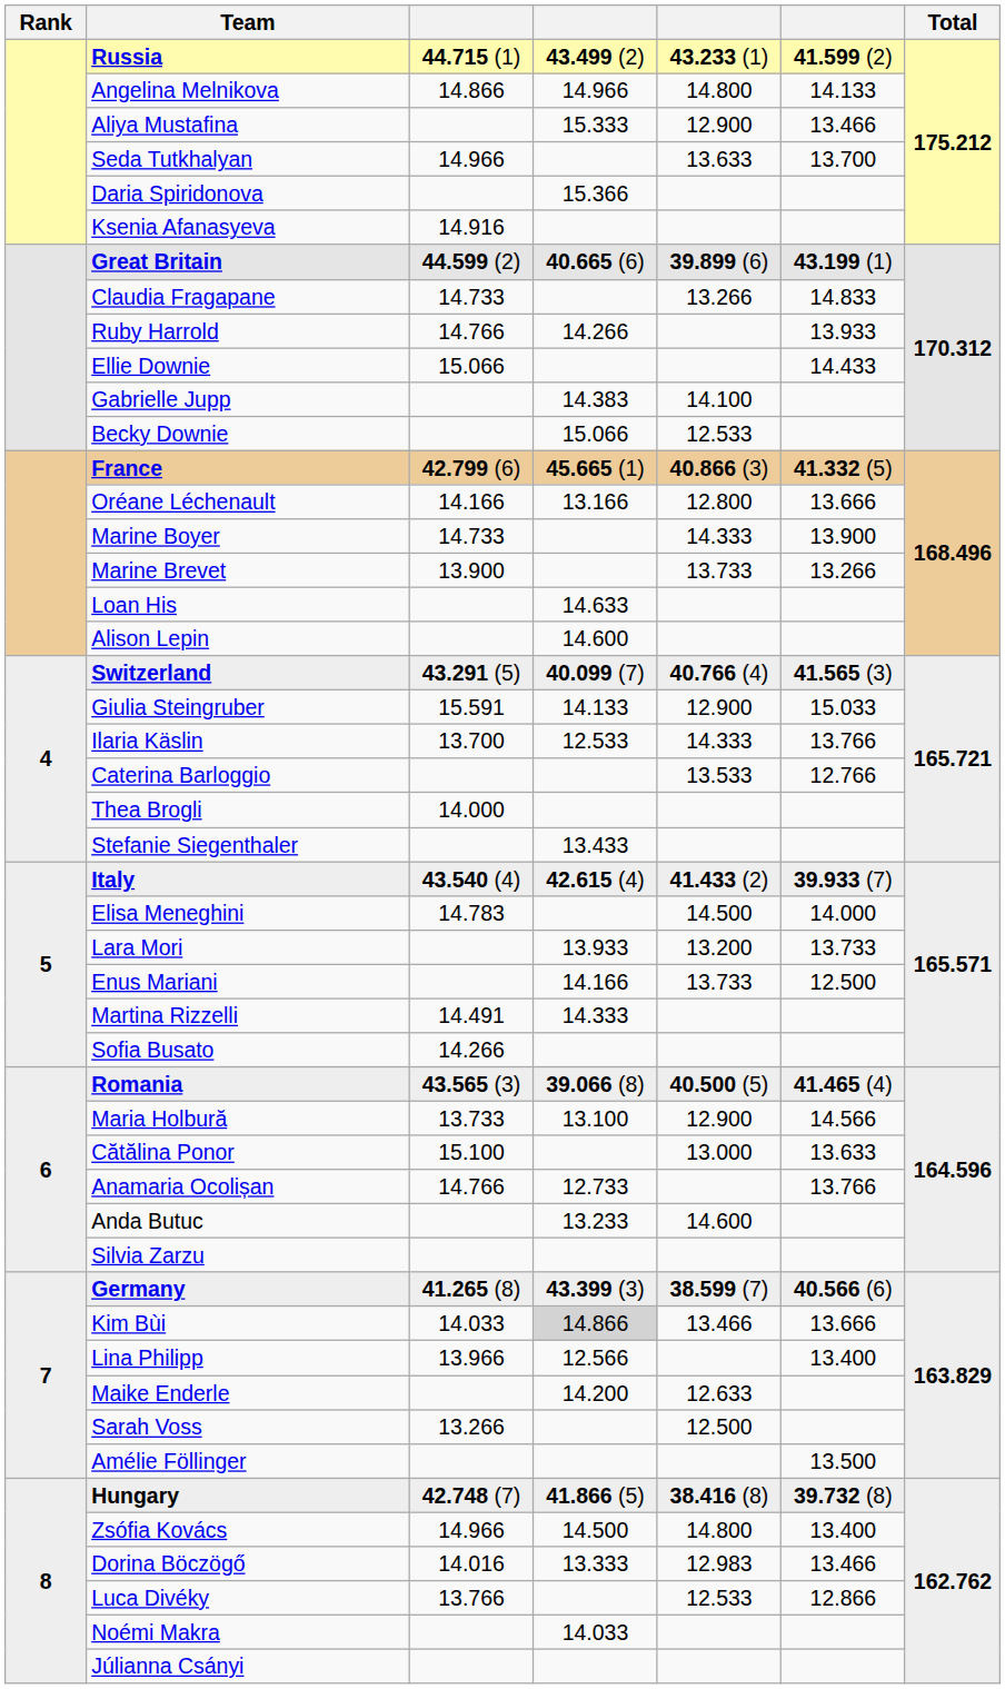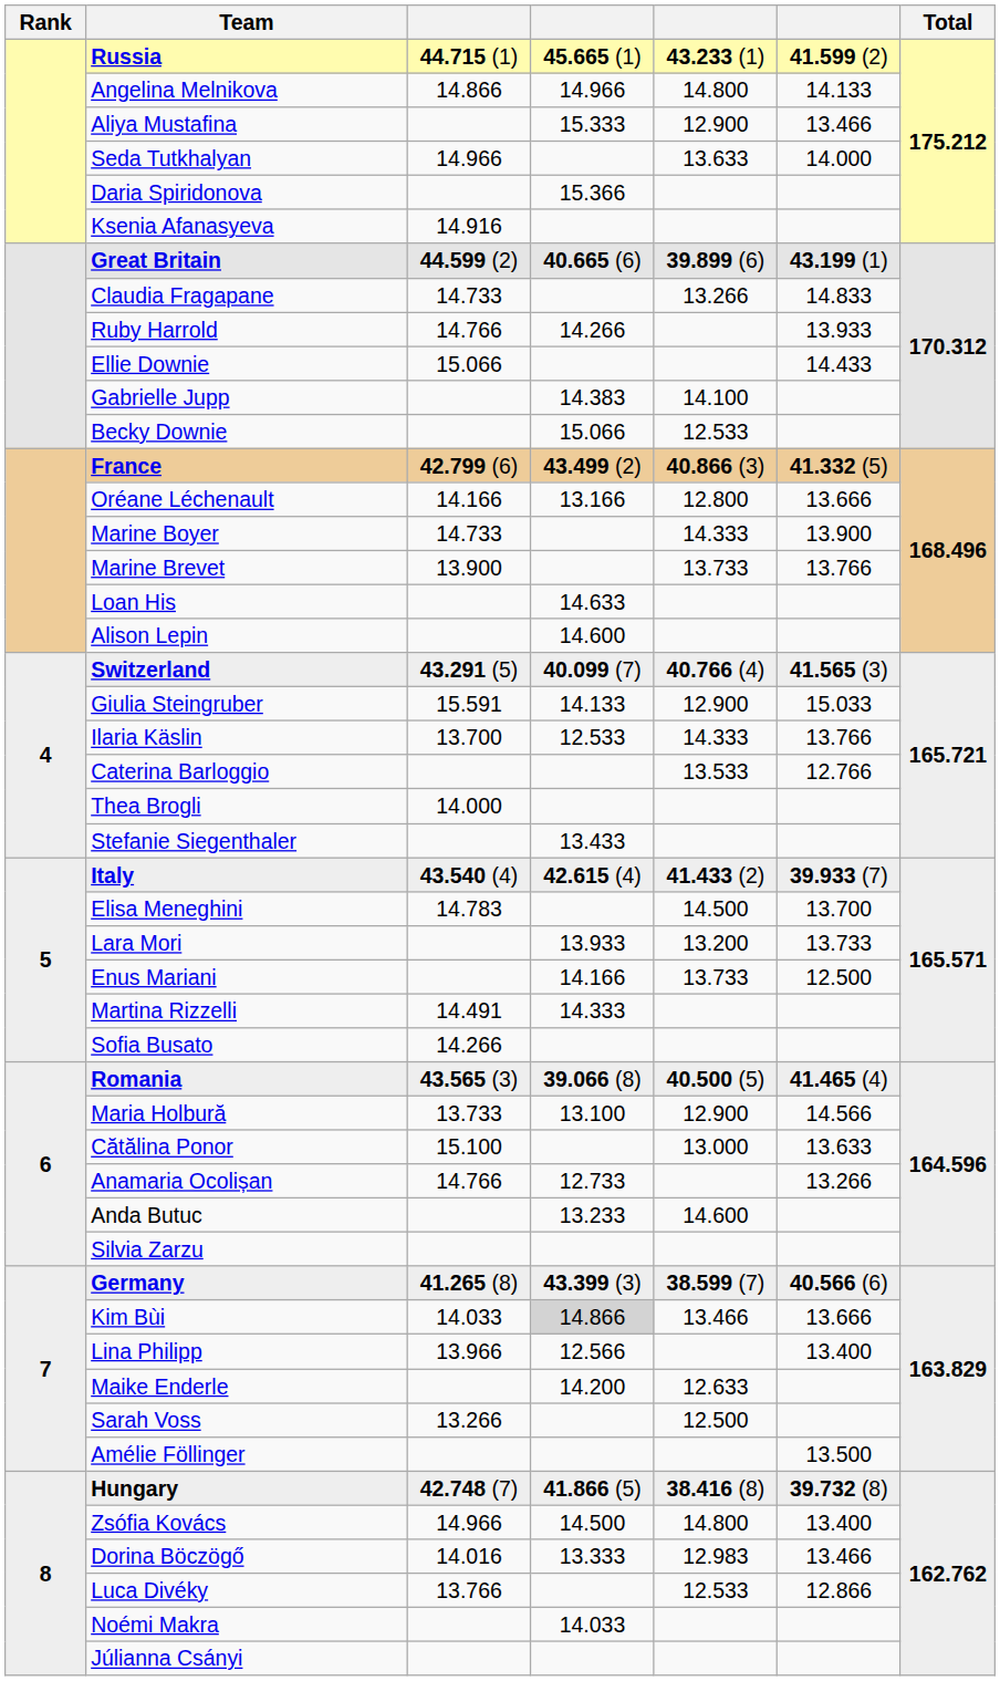 <table class="wikitable" style="text-align:center; font-size:95%">
 <tr>
 <th scope="col" style="width:50px;">Rank</th>
 <th scope="col" style="width:220px;">Team</th>
 <th scope="col" style="width:80px;"></th>
 <th scope="col" style="width:80px;"></th>
 <th scope="col" style="width:80px;"></th>
 <th scope="col" style="width:80px;"></th>
 <th scope="col" style="width:60px;">Total</th>
 </tr>
 <tr style="background:#fffcaf;">
 <td rowspan=6></td>
 <td style="text-align:left;"> <strong><a href='#'>Russia</a></strong></td>
 <td><strong>44.715</strong> (1)</td>
-<td><strong>43.499</strong> (2)</td>
+<td><strong>45.665</strong> (1)</td>
 <td><strong>43.233</strong> (1)</td>
 <td><strong>41.599</strong> (2)</td>
 <td rowspan=6><strong>175.212</strong></td>
 </tr>
 <tr>
 <td style="text-align:left;"><a href='#'>Angelina Melnikova</a></td>
 <td>14.866</td>
 <td>14.966</td>
 <td>14.800</td>
 <td>14.133</td>
 </tr>
 <tr>
 <td style="text-align:left;"><a href='#'>Aliya Mustafina</a></td>
 <td></td>
 <td>15.333</td>
 <td>12.900</td>
 <td>13.466</td>
 </tr>
 <tr>
 <td style="text-align:left;"><a href='#'>Seda Tutkhalyan</a></td>
 <td>14.966</td>
 <td></td>
 <td>13.633</td>
-<td>13.700</td>
+<td>14.000</td>
 </tr>
 <tr>
 <td style="text-align:left;"><a href='#'>Daria Spiridonova</a></td>
 <td></td>
 <td>15.366</td>
 <td></td>
 <td></td>
 </tr>
 <tr>
 <td style="text-align:left;"><a href='#'>Ksenia Afanasyeva</a></td>
 <td>14.916</td>
 <td></td>
 <td></td>
 <td></td>
 </tr>
 <tr style="background:#e5e5e5;">
 <td rowspan=6></td>
 <td style="text-align:left;"> <strong><a href='#'>Great Britain</a></strong></td>
 <td><strong>44.599</strong> (2)</td>
 <td><strong>40.665</strong> (6)</td>
 <td><strong>39.899</strong> (6)</td>
 <td><strong>43.199</strong> (1)</td>
 <td rowspan=6><strong>170.312</strong></td>
 </tr>
 <tr>
 <td style="text-align:left;"><a href='#'>Claudia Fragapane</a></td>
 <td>14.733</td>
 <td></td>
 <td>13.266</td>
 <td>14.833</td>
 </tr>
 <tr>
 <td style="text-align:left;"><a href='#'>Ruby Harrold</a></td>
 <td>14.766</td>
 <td>14.266</td>
 <td></td>
 <td>13.933</td>
 </tr>
 <tr>
 <td style="text-align:left;"><a href='#'>Ellie Downie</a></td>
 <td>15.066</td>
 <td></td>
 <td></td>
 <td>14.433</td>
 </tr>
 <tr>
 <td style="text-align:left;"><a href='#'>Gabrielle Jupp</a></td>
 <td></td>
 <td>14.383</td>
 <td>14.100</td>
 <td></td>
 </tr>
 <tr>
 <td style="text-align:left;"><a href='#'>Becky Downie</a></td>
 <td></td>
 <td>15.066</td>
 <td>12.533</td>
 <td></td>
 </tr>
 <tr style="background:#ec9;">
 <td rowspan=6></td>
 <td style="text-align:left;"> <strong><a href='#'>France</a></strong></td>
 <td><strong>42.799</strong> (6)</td>
-<td><strong>45.665</strong> (1)</td>
+<td><strong>43.499</strong> (2)</td>
 <td><strong>40.866</strong> (3)</td>
 <td><strong>41.332</strong> (5)</td>
 <td rowspan=6><strong>168.496</strong></td>
 </tr>
 <tr>
 <td style="text-align:left;"><a href='#'>Oréane Léchenault</a></td>
 <td>14.166</td>
 <td>13.166</td>
 <td>12.800</td>
 <td>13.666</td>
 </tr>
 <tr>
 <td style="text-align:left;"><a href='#'>Marine Boyer</a></td>
 <td>14.733</td>
 <td></td>
 <td>14.333</td>
 <td>13.900</td>
 </tr>
 <tr>
 <td style="text-align:left;"><a href='#'>Marine Brevet</a></td>
 <td>13.900</td>
 <td></td>
 <td>13.733</td>
-<td>13.266</td>
+<td>13.766</td>
 </tr>
 <tr>
 <td style="text-align:left;"><a href='#'>Loan His</a></td>
 <td></td>
 <td>14.633</td>
 <td></td>
 <td></td>
 </tr>
 <tr>
 <td style="text-align:left;"><a href='#'>Alison Lepin</a></td>
 <td></td>
 <td>14.600</td>
 <td></td>
 <td></td>
 </tr>
 <tr style="background:#eee;">
 <td rowspan=6><strong>4</strong></td>
 <td style="text-align:left;"> <strong><a href='#'>Switzerland</a></strong></td>
 <td><strong>43.291</strong> (5)</td>
 <td><strong>40.099</strong> (7)</td>
 <td><strong>40.766</strong> (4)</td>
 <td><strong>41.565</strong> (3)</td>
 <td rowspan=6><strong>165.721</strong></td>
 </tr>
 <tr>
 <td style="text-align:left;"><a href='#'>Giulia Steingruber</a></td>
 <td>15.591</td>
 <td>14.133</td>
 <td>12.900</td>
 <td>15.033</td>
 </tr>
 <tr>
 <td style="text-align:left;"><a href='#'>Ilaria Käslin</a></td>
 <td>13.700</td>
 <td>12.533</td>
 <td>14.333</td>
 <td>13.766</td>
 </tr>
 <tr>
 <td style="text-align:left;"><a href='#'>Caterina Barloggio</a></td>
 <td></td>
 <td></td>
 <td>13.533</td>
 <td>12.766</td>
 </tr>
 <tr>
 <td style="text-align:left;"><a href='#'>Thea Brogli</a></td>
 <td>14.000</td>
 <td></td>
 <td></td>
 <td></td>
 </tr>
 <tr>
 <td style="text-align:left;"><a href='#'>Stefanie Siegenthaler</a></td>
 <td></td>
 <td>13.433</td>
 <td></td>
 <td></td>
 </tr>
 <tr style="background:#eee;">
 <td rowspan=6><strong>5</strong></td>
 <td style="text-align:left;"> <strong><a href='#'>Italy</a></strong></td>
 <td><strong>43.540</strong> (4)</td>
 <td><strong>42.615</strong> (4)</td>
 <td><strong>41.433</strong> (2)</td>
 <td><strong>39.933</strong> (7)</td>
 <td rowspan=6><strong>165.571</strong></td>
 </tr>
 <tr>
 <td style="text-align:left;"><a href='#'>Elisa Meneghini</a></td>
 <td>14.783</td>
 <td></td>
 <td>14.500</td>
-<td>14.000</td>
+<td>13.700</td>
 </tr>
 <tr>
 <td style="text-align:left;"><a href='#'>Lara Mori</a></td>
 <td></td>
 <td>13.933</td>
 <td>13.200</td>
 <td>13.733</td>
 </tr>
 <tr>
 <td style="text-align:left;"><a href='#'>Enus Mariani</a></td>
 <td></td>
 <td>14.166</td>
 <td>13.733</td>
 <td>12.500</td>
 </tr>
 <tr>
 <td style="text-align:left;"><a href='#'>Martina Rizzelli</a></td>
 <td>14.491</td>
 <td>14.333</td>
 <td></td>
 <td></td>
 </tr>
 <tr>
 <td style="text-align:left;"><a href='#'>Sofia Busato</a></td>
 <td>14.266</td>
 <td></td>
 <td></td>
 <td></td>
 </tr>
 <tr style="background:#eee;">
 <td rowspan=6><strong>6</strong></td>
 <td style="text-align:left;"> <strong><a href='#'>Romania</a></strong></td>
 <td><strong>43.565</strong> (3)</td>
 <td><strong>39.066</strong> (8)</td>
 <td><strong>40.500</strong> (5)</td>
 <td><strong>41.465</strong> (4)</td>
 <td rowspan=6><strong>164.596</strong></td>
 </tr>
 <tr>
 <td style="text-align:left;"><a href='#'>Maria Holbură</a></td>
 <td>13.733</td>
 <td>13.100</td>
 <td>12.900</td>
 <td>14.566</td>
 </tr>
 <tr>
 <td style="text-align:left;"><a href='#'>Cătălina Ponor</a></td>
 <td>15.100</td>
 <td></td>
 <td>13.000</td>
 <td>13.633</td>
 </tr>
 <tr>
 <td style="text-align:left;"><a href='#'>Anamaria Ocolișan</a></td>
 <td>14.766</td>
 <td>12.733</td>
 <td></td>
-<td>13.766</td>
+<td>13.266</td>
 </tr>
 <tr>
 <td style="text-align:left;">Anda Butuc</td>
 <td></td>
 <td>13.233</td>
 <td>14.600</td>
 <td></td>
 </tr>
 <tr>
 <td style="text-align:left;"><a href='#'>Silvia Zarzu</a></td>
 <td></td>
 <td></td>
 <td></td>
 <td></td>
 </tr>
 <tr style="background:#eee;">
 <td rowspan=6><strong>7</strong></td>
 <td style="text-align:left;"> <strong><a href='#'>Germany</a></strong></td>
 <td><strong>41.265</strong> (8)</td>
 <td><strong>43.399</strong> (3)</td>
 <td><strong>38.599</strong> (7)</td>
 <td><strong>40.566</strong> (6)</td>
 <td rowspan=6><strong>163.829</strong></td>
 </tr>
 <tr>
 <td style="text-align:left;"><a href='#'>Kim Bùi</a></td>
 <td>14.033</td>
 <td style="background: lightgrey;">14.866</td>
 <td>13.466</td>
 <td>13.666</td>
 </tr>
 <tr>
 <td style="text-align:left;"><a href='#'>Lina Philipp</a></td>
 <td>13.966</td>
 <td>12.566</td>
 <td></td>
 <td>13.400</td>
 </tr>
 <tr>
 <td style="text-align:left;"><a href='#'>Maike Enderle</a></td>
 <td></td>
 <td>14.200</td>
 <td>12.633</td>
 <td></td>
 </tr>
 <tr>
 <td style="text-align:left;"><a href='#'>Sarah Voss</a></td>
 <td>13.266</td>
 <td></td>
 <td>12.500</td>
 <td></td>
 </tr>
 <tr>
 <td style="text-align:left;"><a href='#'>Amélie Föllinger</a></td>
 <td></td>
 <td></td>
 <td></td>
 <td>13.500</td>
 </tr>
 <tr style="background:#eee;">
 <td rowspan=6><strong>8</strong></td>
 <td style="text-align:left;"> <strong>Hungary</strong></td>
 <td><strong>42.748</strong> (7)</td>
 <td><strong>41.866</strong> (5)</td>
 <td><strong>38.416</strong> (8)</td>
 <td><strong>39.732</strong> (8)</td>
 <td rowspan=6><strong>162.762</strong></td>
 </tr>
 <tr>
 <td style="text-align:left;"><a href='#'>Zsófia Kovács</a></td>
 <td>14.966</td>
 <td>14.500</td>
 <td>14.800</td>
 <td>13.400</td>
 </tr>
 <tr>
 <td style="text-align:left;"><a href='#'>Dorina Böczögő</a></td>
 <td>14.016</td>
 <td>13.333</td>
 <td>12.983</td>
 <td>13.466</td>
 </tr>
 <tr>
 <td style="text-align:left;"><a href='#'>Luca Divéky</a></td>
 <td>13.766</td>
 <td></td>
 <td>12.533</td>
 <td>12.866</td>
 </tr>
 <tr>
 <td style="text-align:left;"><a href='#'>Noémi Makra</a></td>
 <td></td>
 <td>14.033</td>
 <td></td>
 <td></td>
 </tr>
 <tr>
 <td style="text-align:left;"><a href='#'>Júlianna Csányi</a></td>
 <td></td>
 <td></td>
 <td></td>
 <td></td>
 </tr>
 </table>
